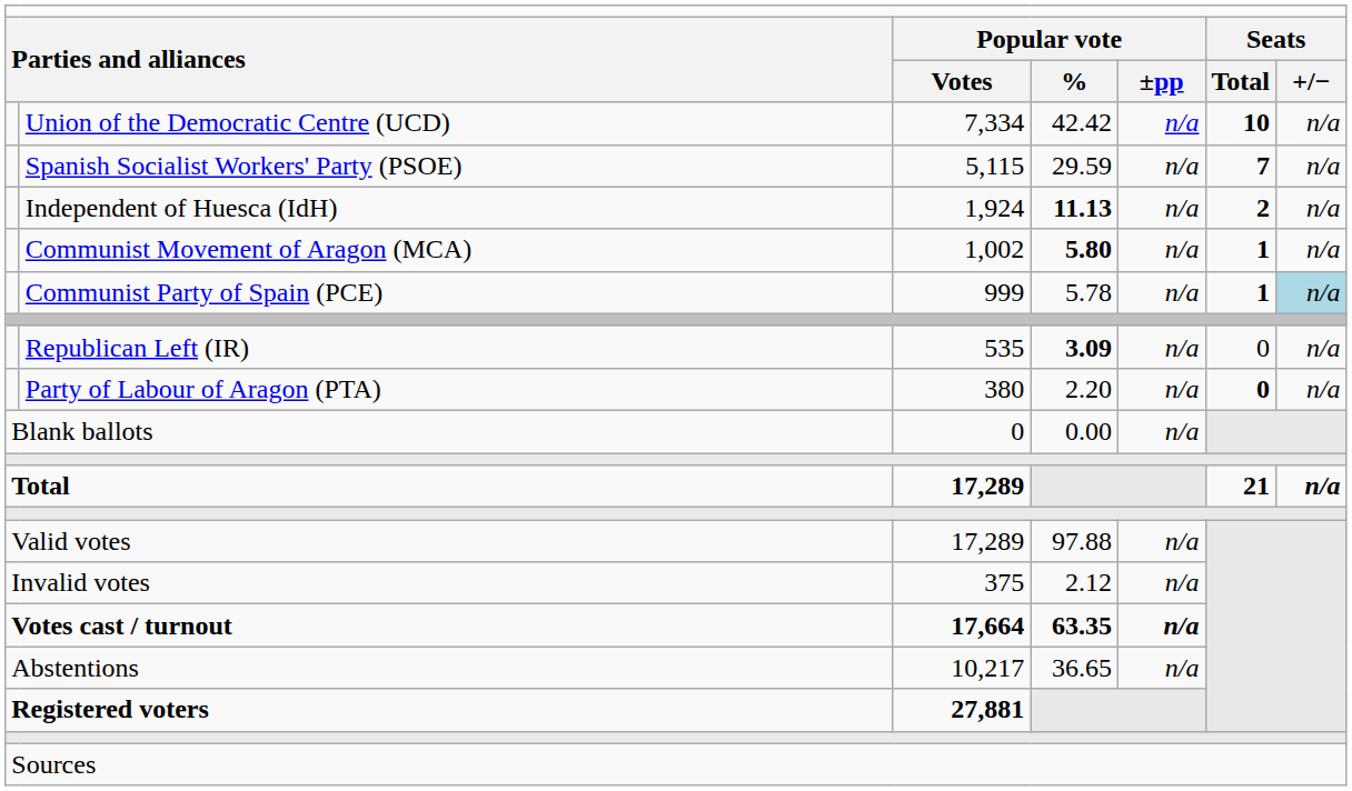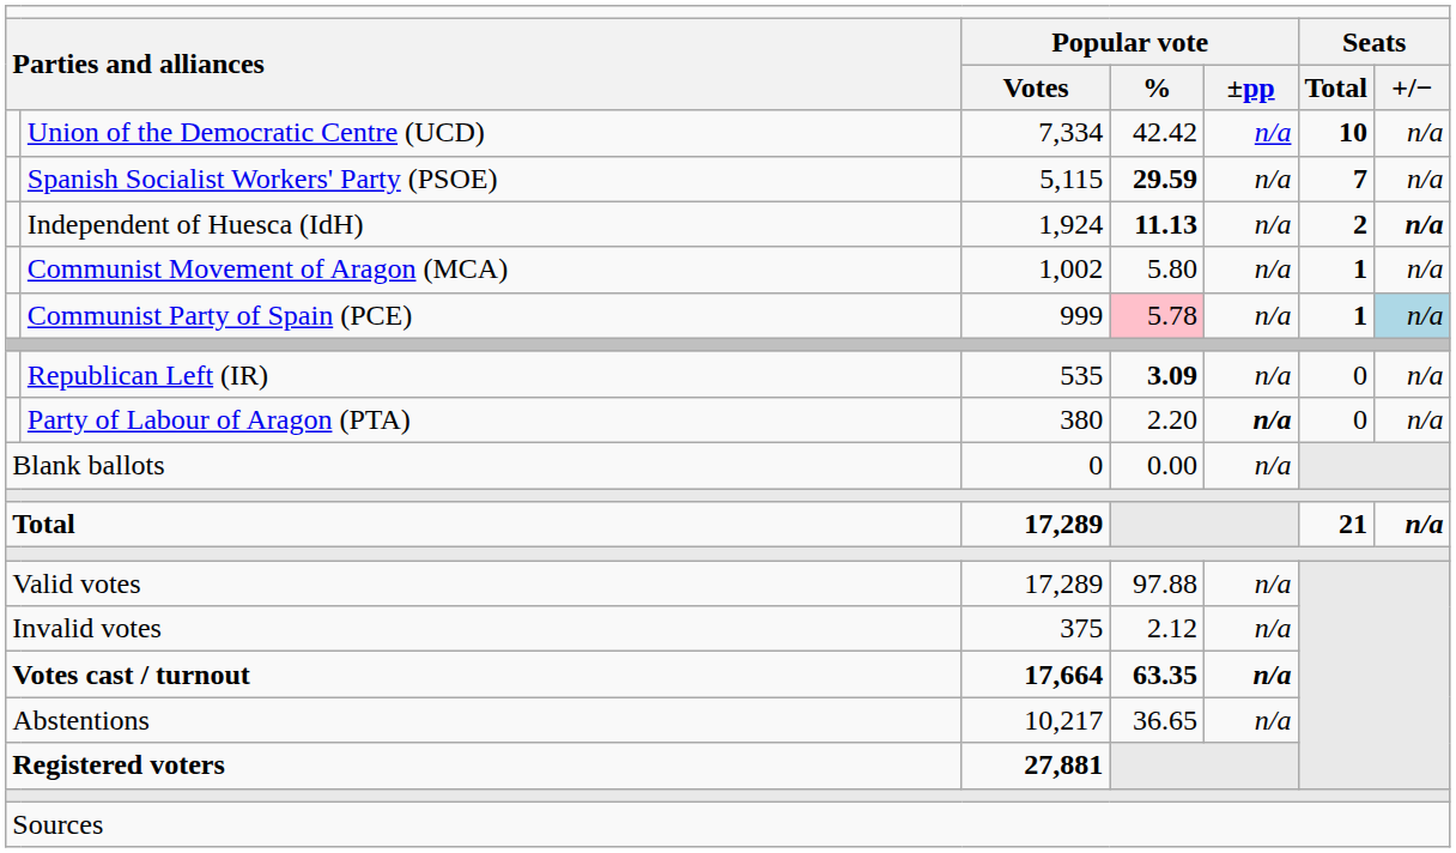 <table class="wikitable" style="text-align:right;">
 <tr>
 <td colspan="7"></td>
 </tr>
 <tr>
 <th style="text-align:left;" rowspan="2" colspan="2" width="525">Parties and alliances</th>
 <th colspan="3">Popular vote</th>
 <th colspan="2">Seats</th>
 </tr>
 <tr>
 <th width="75">Votes</th>
 <th width="45">%</th>
 <th width="45">±<a href='#'>pp</a></th>
 <th width="35">Total</th>
 <th width="35">+/−</th>
 </tr>
 <tr>
 <td width="1" style="color:inherit;background:"></td>
 <td align="left"><a href='#'>Union of the Democratic Centre</a> (UCD)</td>
 <td>7,334</td>
 <td>42.42</td>
 <td><em><a href='#'>n/a</a></em></td>
 <td><strong>10</strong></td>
 <td><em>n/a</em></td>
 </tr>
 <tr>
 <td style="color:inherit;background:"></td>
 <td align="left"><a href='#'>Spanish Socialist Workers' Party</a> (PSOE)</td>
 <td>5,115</td>
-<td>29.59</td>
+<td><strong>29.59</strong></td>
 <td><em>n/a</em></td>
 <td><strong>7</strong></td>
 <td><em>n/a</em></td>
 </tr>
 <tr>
 <td style="color:inherit;background:"></td>
 <td align="left">Independent of Huesca (IdH)</td>
 <td>1,924</td>
 <td><strong>11.13</strong></td>
 <td><em>n/a</em></td>
 <td><strong>2</strong></td>
-<td><em>n/a</em></td>
+<td><strong><em>n/a</em></strong></td>
 </tr>
 <tr>
 <td style="color:inherit;background:"></td>
 <td align="left"><a href='#'>Communist Movement of Aragon</a> (MCA)</td>
 <td>1,002</td>
-<td><strong>5.80</strong></td>
+<td>5.80</td>
 <td><em>n/a</em></td>
 <td><strong>1</strong></td>
 <td><em>n/a</em></td>
 </tr>
 <tr>
 <td style="color:inherit;background:"></td>
 <td align="left"><a href='#'>Communist Party of Spain</a> (PCE)</td>
 <td>999</td>
-<td>5.78</td>
+<td style="background: pink;">5.78</td>
 <td><em>n/a</em></td>
 <td><strong>1</strong></td>
 <td style="background: lightblue;"><em>n/a</em></td>
 </tr>
 <tr>
 <td colspan="7" bgcolor="#C0C0C0"></td>
 </tr>
 <tr>
 <td style="color:inherit;background:"></td>
 <td align="left"><a href='#'>Republican Left</a> (IR)</td>
 <td>535</td>
 <td><strong>3.09</strong></td>
 <td><em>n/a</em></td>
 <td>0</td>
 <td><em>n/a</em></td>
 </tr>
 <tr>
 <td style="color:inherit;background:"></td>
 <td align="left"><a href='#'>Party of Labour of Aragon</a> (PTA)</td>
 <td>380</td>
 <td>2.20</td>
-<td><em>n/a</em></td>
-<td><strong>0</strong></td>
+<td><strong><em>n/a</em></strong></td>
+<td>0</td>
 <td><em>n/a</em></td>
 </tr>
 <tr>
 <td align="left" colspan="2">Blank ballots</td>
 <td>0</td>
 <td>0.00</td>
 <td><em>n/a</em></td>
 <td bgcolor="#E9E9E9" colspan="2"></td>
 </tr>
 <tr>
 <td colspan="7" bgcolor="#E9E9E9"></td>
 </tr>
 <tr style="font-weight:bold;">
 <td align="left" colspan="2">Total</td>
 <td>17,289</td>
 <td bgcolor="#E9E9E9" colspan="2"></td>
 <td>21</td>
 <td><em>n/a</em></td>
 </tr>
 <tr>
 <td colspan="7" bgcolor="#E9E9E9"></td>
 </tr>
 <tr>
 <td align="left" colspan="2">Valid votes</td>
 <td>17,289</td>
 <td>97.88</td>
 <td><em>n/a</em></td>
 <td bgcolor="#E9E9E9" colspan="2" rowspan="5"></td>
 </tr>
 <tr>
 <td align="left" colspan="2">Invalid votes</td>
 <td>375</td>
 <td>2.12</td>
 <td><em>n/a</em></td>
 </tr>
 <tr style="font-weight:bold;">
 <td align="left" colspan="2">Votes cast / turnout</td>
 <td>17,664</td>
 <td>63.35</td>
 <td><em>n/a</em></td>
 </tr>
 <tr>
 <td align="left" colspan="2">Abstentions</td>
 <td>10,217</td>
 <td>36.65</td>
 <td><em>n/a</em></td>
 </tr>
 <tr style="font-weight:bold;">
 <td align="left" colspan="2">Registered voters</td>
 <td>27,881</td>
 <td bgcolor="#E9E9E9" colspan="2"></td>
 </tr>
 <tr>
 <td colspan="7" bgcolor="#E9E9E9"></td>
 </tr>
 <tr>
 <td align="left" colspan="7">Sources</td>
 </tr>
 </table>
